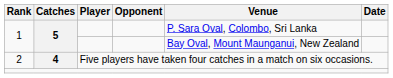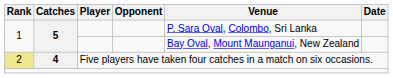 <table class="wikitable plainrowheaders sortable">
 <tr>
 <th scope=col>Rank</th>
 <th scope=col>Catches</th>
 <th scope=col>Player</th>
 <th scope=col>Opponent</th>
 <th scope=col>Venue</th>
 <th scope=col>Date</th>
 </tr>
 <tr>
 <td align=center rowspan=2>1</td>
 <th scope=row style="text-align:center" rowspan=2>5</th>
 <td></td>
 <td></td>
 <td><a href='#'>P. Sara Oval</a>, <a href='#'>Colombo</a>, Sri Lanka</td>
 <td></td>
 </tr>
 <tr>
 <td> </td>
 <td></td>
 <td><a href='#'>Bay Oval</a>, <a href='#'>Mount Maunganui</a>, New Zealand</td>
 <td></td>
 </tr>
 <tr>
-<td align=center>2</td>
+<td align=center style="background: khaki;">2</td>
 <th scope=row style="text-align:center">4</th>
 <td colspan=4>Five players have taken four catches in a match on six occasions.</td>
 </tr>
 <tr>
 <td colspan=6></td>
 </tr>
 </table>
